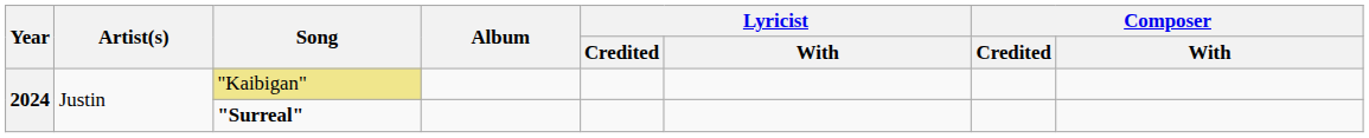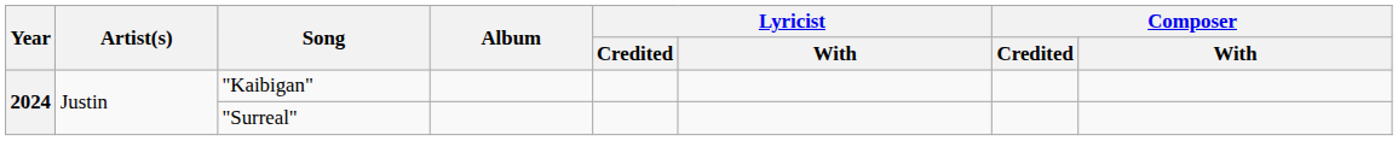 <table class="wikitable sortable plainrowheaders">
 <tr>
 <th rowspan="2">Year</th>
 <th rowspan="2" style="width:7.5em;">Artist(s)</th>
 <th rowspan="2" style="width:10em;">Song</th>
 <th rowspan="2" style="width:7.5em;">Album</th>
 <th colspan="2"><a href='#'>Lyricist</a></th>
 <th colspan="2"><a href='#'>Composer</a></th>
 </tr>
 <tr>
 <th>Credited</th>
 <th style="width:15em;">With</th>
 <th>Credited</th>
 <th style="width:15em;">With</th>
 </tr>
 <tr>
 <th rowspan="2">2024</th>
 <td rowspan="2">Justin</td>
-<td style="background: khaki;">"Kaibigan"</td>
+<td>"Kaibigan"</td>
 <td></td>
 <td></td>
 <td></td>
 <td></td>
 <td></td>
 </tr>
 <tr>
-<td><strong>"Surreal"</strong></td>
+<td>"Surreal"</td>
 <td></td>
 <td></td>
 <td></td>
 <td></td>
 <td></td>
 </tr>
 </table>
